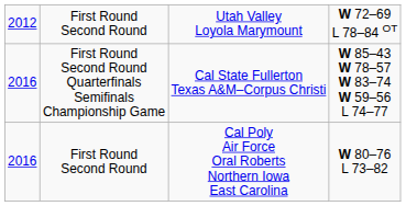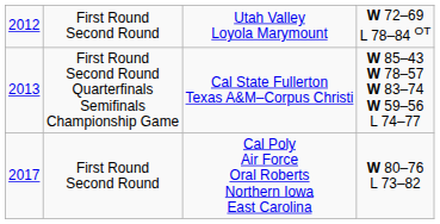 <table class=wikitable style="text-align:center">
 <tr>
 <td><a href='#'>2012</a></td>
 <td>First Round<br>Second Round</td>
 <td><a href='#'>Utah Valley</a><br><a href='#'>Loyola Marymount</a></td>
 <td><strong>W</strong> 72–69<br>L 78–84 <sup>OT</sup></td>
 </tr>
 <tr>
-<td><a href='#'>2016</a></td>
+<td><a href='#'>2013</a></td>
 <td>First Round<br>Second Round<br>Quarterfinals<br>Semifinals<br>Championship Game</td>
 <td><a href='#'>Cal State Fullerton</a><br><a href='#'>Texas A&M–Corpus Christi</a></td>
 <td><strong>W</strong> 85–43<br><strong>W</strong> 78–57<br><strong>W</strong> 83–74<br><strong>W</strong> 59–56<br>L 74–77</td>
 </tr>
 <tr>
-<td><a href='#'>2016</a></td>
+<td><a href='#'>2017</a></td>
 <td>First Round<br>Second Round</td>
 <td><a href='#'>Cal Poly</a><br><a href='#'>Air Force</a><br><a href='#'>Oral Roberts</a><br><a href='#'>Northern Iowa</a><br><a href='#'>East Carolina</a></td>
 <td><strong>W</strong> 80–76<br>L 73–82</td>
 </tr>
 </table>
